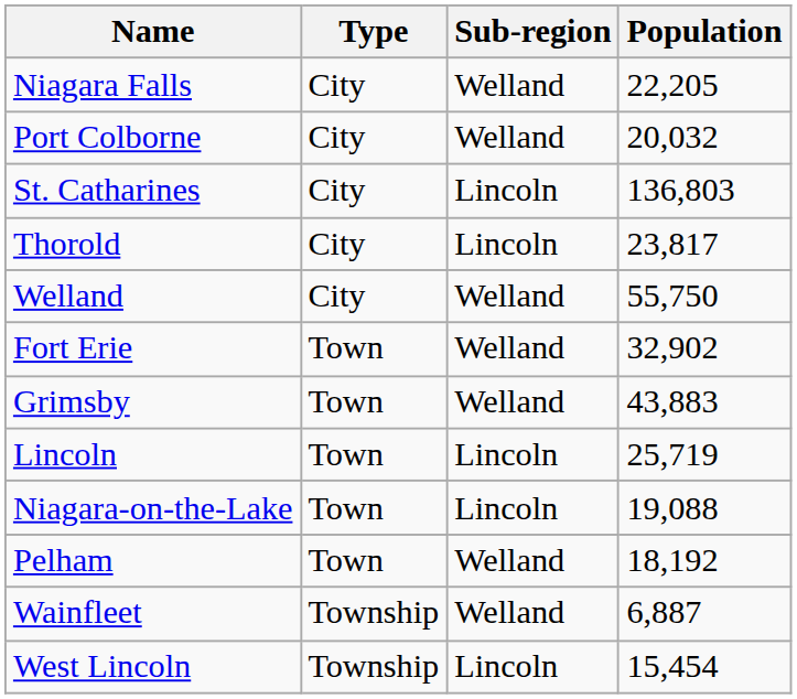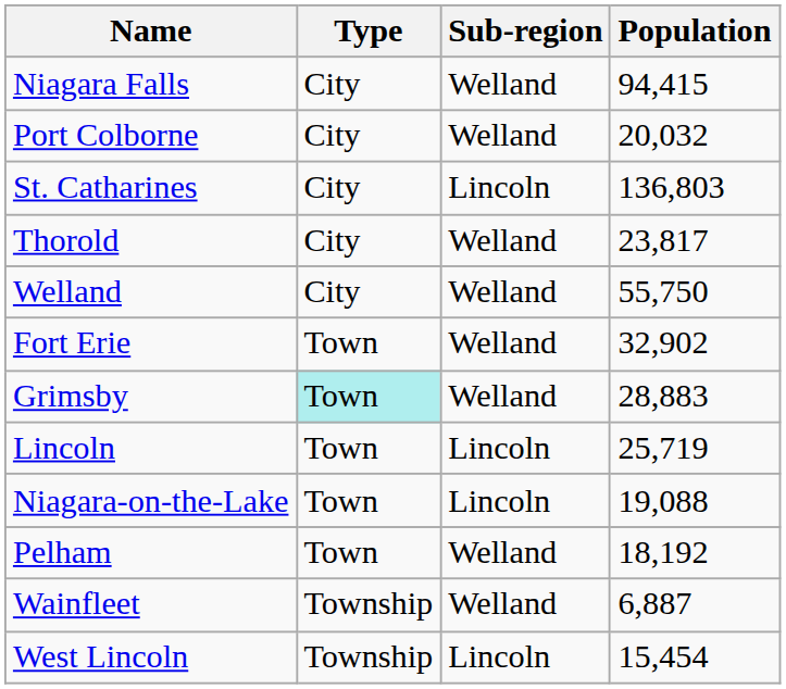 <table class="wikitable sortable">
 <tr>
 <th>Name</th>
 <th>Type</th>
 <th>Sub-region</th>
 <th>Population</th>
 </tr>
 <tr>
 <td><a href='#'>Niagara Falls</a></td>
 <td>City</td>
 <td>Welland</td>
-<td>22,205</td>
+<td>94,415</td>
 </tr>
 <tr>
 <td><a href='#'>Port Colborne</a></td>
 <td>City</td>
 <td>Welland</td>
 <td>20,032</td>
 </tr>
 <tr>
 <td><a href='#'>St. Catharines</a></td>
 <td>City</td>
 <td>Lincoln</td>
 <td>136,803</td>
 </tr>
 <tr>
 <td><a href='#'>Thorold</a></td>
 <td>City</td>
-<td>Lincoln</td>
+<td>Welland</td>
 <td>23,817</td>
 </tr>
 <tr>
 <td><a href='#'>Welland</a></td>
 <td>City</td>
 <td>Welland</td>
 <td>55,750</td>
 </tr>
 <tr>
 <td><a href='#'>Fort Erie</a></td>
 <td>Town</td>
 <td>Welland</td>
 <td>32,902</td>
 </tr>
 <tr>
 <td><a href='#'>Grimsby</a></td>
-<td>Town</td>
+<td style="background: paleturquoise;">Town</td>
 <td>Welland</td>
-<td>43,883</td>
+<td>28,883</td>
 </tr>
 <tr>
 <td><a href='#'>Lincoln</a></td>
 <td>Town</td>
 <td>Lincoln</td>
 <td>25,719</td>
 </tr>
 <tr>
 <td><a href='#'>Niagara-on-the-Lake</a></td>
 <td>Town</td>
 <td>Lincoln</td>
 <td>19,088</td>
 </tr>
 <tr>
 <td><a href='#'>Pelham</a></td>
 <td>Town</td>
 <td>Welland</td>
 <td>18,192</td>
 </tr>
 <tr>
 <td><a href='#'>Wainfleet</a></td>
 <td>Township</td>
 <td>Welland</td>
 <td>6,887</td>
 </tr>
 <tr>
 <td><a href='#'>West Lincoln</a></td>
 <td>Township</td>
 <td>Lincoln</td>
 <td>15,454</td>
 </tr>
 </table>
